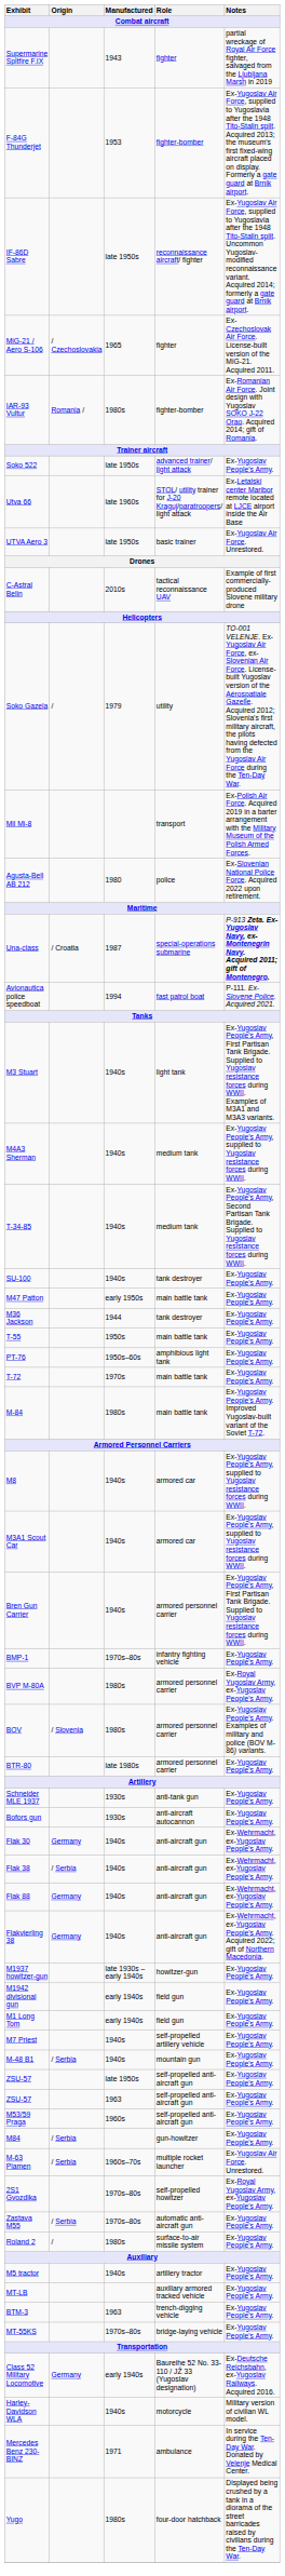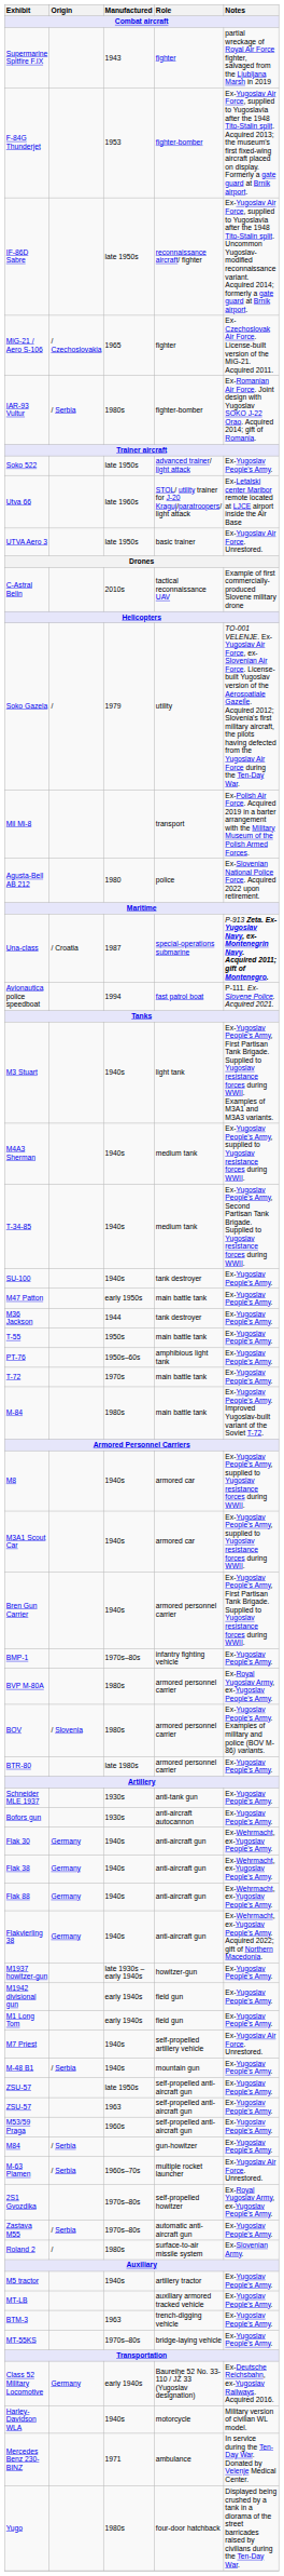 <table class="wikitable">
 <tr>
 <th style="text-align:left;">Exhibit</th>
 <th style="text-align:left;">Origin</th>
 <th style="text-align:left;">Manufactured</th>
 <th style="text-align:left;">Role</th>
 <th style="text-align:left;">Notes</th>
 </tr>
 <tr>
 <th colspan="15" style="align: center; background: lavender;"><strong><a href='#'>Combat aircraft</a></strong></th>
 </tr>
 <tr>
 <td><a href='#'>Supermarine Spitfire F.IX</a></td>
 <td></td>
 <td>1943</td>
 <td><a href='#'>fighter</a></td>
 <td>partial wreckage of <a href='#'>Royal Air Force</a> fighter, salvaged from the <a href='#'>Ljubljana Marsh</a> in 2019</td>
 </tr>
 <tr>
 <td><a href='#'>F-84G Thunderjet</a></td>
 <td></td>
 <td>1953</td>
 <td><a href='#'>fighter-bomber</a></td>
 <td>Ex-<a href='#'>Yugoslav Air Force</a>, supplied to Yugoslavia after the 1948 <a href='#'>Tito-Stalin split</a>. Acquired 2013; the museum's first fixed-wing aircraft placed on display. Formerly a <a href='#'>gate guard</a> at <a href='#'>Brnik airport</a>.</td>
 </tr>
 <tr>
 <td><a href='#'>IF-86D Sabre</a></td>
 <td></td>
 <td>late 1950s</td>
 <td><a href='#'>reconnaissance aircraft</a>/ fighter</td>
 <td>Ex-<a href='#'>Yugoslav Air Force</a>, supplied to Yugoslavia after the 1948 <a href='#'>Tito-Stalin split</a>. Uncommon Yugoslav-modified reconnaissance variant. Acquired 2014; formerly a <a href='#'>gate guard</a> at <a href='#'>Brnik airport</a>.</td>
 </tr>
 <tr>
 <td><a href='#'>MiG-21 / Aero S-106</a></td>
 <td> /  <a href='#'>Czechoslovakia</a></td>
 <td>1965</td>
 <td>fighter</td>
 <td>Ex-<a href='#'>Czechoslovak Air Force</a>. License-built version of the MiG-21. Acquired 2011.</td>
 </tr>
 <tr>
 <td><a href='#'>IAR-93 Vultur</a></td>
-<td> <a href='#'>Romania</a> / </td>
+<td> /  <a href='#'>Serbia</a></td>
 <td>1980s</td>
 <td>fighter-bomber</td>
 <td>Ex-<a href='#'>Romanian Air Force</a>. Joint design with Yugoslav <a href='#'>SOKO J-22 Orao</a>. Acquired 2014; gift of <a href='#'>Romania</a>.</td>
 </tr>
 <tr>
 <th colspan="5" style="align: center; background: lavender;"><strong><a href='#'>Trainer aircraft</a></strong></th>
 </tr>
 <tr>
 <td><a href='#'>Soko 522</a></td>
 <td></td>
 <td>late 1950s</td>
 <td><a href='#'>advanced trainer</a>/ <a href='#'>light attack</a></td>
 <td>Ex-<a href='#'>Yugoslav People's Army</a>.</td>
 </tr>
 <tr>
 <td><a href='#'>Utva 66</a></td>
 <td></td>
 <td>late 1960s</td>
 <td><a href='#'>STOL</a>/ <a href='#'>utility</a> trainer for <a href='#'>J-20 Kraguj</a>/<a href='#'>paratroopers</a>/ light attack</td>
 <td>Ex-<a href='#'>Letalski center Maribor</a> remote located at <a href='#'>LJCE</a> airport inside the Air Base</td>
 </tr>
 <tr>
 <td><a href='#'>UTVA Aero 3</a></td>
 <td></td>
 <td>late 1950s</td>
 <td>basic trainer</td>
 <td>Ex-<a href='#'>Yugoslav Air Force</a>. Unrestored.</td>
 </tr>
 <tr>
 <th colspan="5">Drones</th>
 </tr>
 <tr>
 <td><a href='#'>C-Astral Belin</a></td>
 <td></td>
 <td>2010s</td>
 <td>tactical reconnaissance <a href='#'>UAV</a></td>
 <td>Example of first commercially-produced Slovene military drone</td>
 </tr>
 <tr>
 <th colspan="5" style="align: center; background: lavender;"><strong><a href='#'>Helicopters</a></strong></th>
 </tr>
 <tr>
 <td><a href='#'>Soko Gazela</a></td>
 <td> / </td>
 <td>1979</td>
 <td>utility</td>
 <td><em>TO-001 VELENJE</em>. Ex-<a href='#'>Yugoslav Air Force</a>, ex-<a href='#'>Slovenian Air Force</a>. License-built Yugoslav version of the <a href='#'>Aérospatiale Gazelle</a>. Acquired 2012; Slovenia's first military aircraft, the pilots having defected from the <a href='#'>Yugoslav Air Force</a> during the <a href='#'>Ten-Day War</a>.</td>
 </tr>
 <tr>
 <td><a href='#'>Mil Mi-8</a></td>
 <td></td>
 <td></td>
 <td>transport</td>
 <td>Ex-<a href='#'>Polish Air Force</a>. Acquired 2019 in a barter arrangement with the <a href='#'>Military Museum of the Polish Armed Forces</a>.</td>
 </tr>
 <tr>
 <td><a href='#'>Agusta-Bell AB 212</a></td>
 <td></td>
 <td>1980</td>
 <td>police</td>
 <td>Ex-<a href='#'>Slovenian National Police Force</a>. Acquired 2022 upon retirement.</td>
 </tr>
 <tr>
 <th colspan="5" style="align: center; background: lavender;"><strong><a href='#'>Maritime</a></strong></th>
 </tr>
 <tr>
 <td><a href='#'>Una-class</a></td>
 <td> /  Croatia</td>
 <td>1987</td>
 <td><a href='#'>special-operations submarine</a></td>
 <td><em>P-913 <strong>Zeta<strong><em>. Ex-<a href='#'>Yugoslav Navy</a>, ex-<a href='#'>Montenegrin Navy</a>. Acquired 2011; gift of <a href='#'>Montenegro</a>.</td>
 </tr>
 <tr>
 <td><a href='#'>Avionautica</a>  police speedboat</td>
 <td></td>
 <td>1994</td>
 <td><a href='#'>fast patrol boat</a></td>
 <td></em>P-111<em>. Ex-<a href='#'>Slovene Police</a>. Acquired 2021.</td>
 </tr>
 <tr>
 <th colspan="5" style="align: center; background: lavender;"></strong><a href='#'>Tanks</a><strong></th>
 </tr>
 <tr>
 <td><a href='#'>M3 Stuart</a></td>
 <td></td>
 <td>1940s</td>
 <td>light tank</td>
 <td>Ex-<a href='#'>Yugoslav People's Army</a>, First Partisan Tank Brigade. Supplied to <a href='#'>Yugoslav resistance forces</a> during <a href='#'>WWII</a>. Examples of M3A1 and M3A3 variants.</td>
 </tr>
 <tr>
 <td><a href='#'>M4A3 Sherman</a></td>
 <td></td>
 <td>1940s</td>
 <td>medium tank</td>
 <td>Ex-<a href='#'>Yugoslav People's Army</a>, supplied to <a href='#'>Yugoslav resistance forces</a> during <a href='#'>WWII</a>.</td>
 </tr>
 <tr>
 <td><a href='#'>T-34-85</a></td>
 <td></td>
 <td>1940s</td>
 <td>medium tank</td>
 <td>Ex-<a href='#'>Yugoslav People's Army</a>, Second Partisan Tank Brigade. Supplied to <a href='#'>Yugoslav resistance forces</a> during <a href='#'>WWII</a>.</td>
 </tr>
 <tr>
 <td><a href='#'>SU-100</a></td>
 <td></td>
 <td>1940s</td>
 <td>tank destroyer</td>
 <td>Ex-<a href='#'>Yugoslav People's Army</a>.</td>
 </tr>
 <tr>
 <td><a href='#'>M47 Patton</a></td>
 <td></td>
 <td>early 1950s</td>
 <td>main battle tank</td>
 <td>Ex-<a href='#'>Yugoslav People's Army</a>.</td>
 </tr>
 <tr>
 <td><a href='#'>M36 Jackson</a></td>
 <td></td>
 <td>1944</td>
 <td>tank destroyer</td>
 <td>Ex-<a href='#'>Yugoslav People's Army</a>.</td>
 </tr>
 <tr>
 <td><a href='#'>T-55</a></td>
 <td></td>
 <td>1950s</td>
 <td>main battle tank</td>
 <td>Ex-<a href='#'>Yugoslav People's Army</a>.</td>
 </tr>
 <tr>
 <td><a href='#'>PT-76</a></td>
 <td></td>
 <td>1950s–60s</td>
 <td>amphibious light tank</td>
 <td>Ex-<a href='#'>Yugoslav People's Army</a>.</td>
 </tr>
 <tr>
 <td><a href='#'>T-72</a></td>
 <td></td>
 <td>1970s</td>
 <td>main battle tank</td>
 <td>Ex-<a href='#'>Yugoslav People's Army</a>.</td>
 </tr>
 <tr>
 <td><a href='#'>M-84</a></td>
 <td></td>
 <td>1980s</td>
 <td>main battle tank</td>
 <td>Ex-<a href='#'>Yugoslav People's Army</a>. Improved Yugoslav-built variant of the Soviet <a href='#'>T-72</a>.</td>
 </tr>
 <tr>
 <th colspan="5" style="align: center; background: lavender;"></strong><a href='#'>Armored Personnel Carriers</a><strong></th>
 </tr>
 <tr>
 <td><a href='#'>M8</a></td>
 <td></td>
 <td>1940s</td>
 <td>armored car</td>
 <td>Ex-<a href='#'>Yugoslav People's Army</a>, supplied to <a href='#'>Yugoslav resistance forces</a> during <a href='#'>WWII</a>.</td>
 </tr>
 <tr>
 <td><a href='#'>M3A1 Scout Car</a></td>
 <td></td>
 <td>1940s</td>
 <td>armored car</td>
 <td>Ex-<a href='#'>Yugoslav People's Army</a>, supplied to <a href='#'>Yugoslav resistance forces</a> during <a href='#'>WWII</a>.</td>
 </tr>
 <tr>
 <td><a href='#'>Bren Gun Carrier</a></td>
 <td></td>
 <td>1940s</td>
 <td>armored personnel carrier</td>
 <td>Ex-<a href='#'>Yugoslav People's Army</a>, First Partisan Tank Brigade. Supplied to <a href='#'>Yugoslav resistance forces</a> during <a href='#'>WWII</a>.</td>
 </tr>
 <tr>
 <td><a href='#'>BMP-1</a></td>
 <td></td>
 <td>1970s–80s</td>
 <td>infantry fighting vehicle</td>
 <td>Ex-<a href='#'>Yugoslav People's Army</a>.</td>
 </tr>
 <tr>
 <td><a href='#'>BVP M-80A</a></td>
 <td></td>
 <td>1980s</td>
 <td>armored personnel carrier</td>
 <td>Ex-<a href='#'>Royal Yugoslav Army</a>, ex-<a href='#'>Yugoslav People's Army</a>.</td>
 </tr>
 <tr>
 <td><a href='#'>BOV</a></td>
 <td> /  <a href='#'>Slovenia</a></td>
 <td>1980s</td>
 <td>armored personnel carrier</td>
 <td>Ex-<a href='#'>Yugoslav People's Army</a>. Examples of military and police (</em>BOV M-86<em>) variants.</td>
 </tr>
 <tr>
 <td><a href='#'>BTR-80</a></td>
 <td></td>
 <td>late 1980s</td>
 <td>armored personnel carrier</td>
 <td>Ex-<a href='#'>Yugoslav People's Army</a>.</td>
 </tr>
 <tr>
 <th colspan="5" style="align: center; background: lavender;"></strong><a href='#'>Artillery</a><strong></th>
 </tr>
 <tr>
 <td><a href='#'>Schneider MLE 1937</a></td>
 <td></td>
 <td>1930s</td>
 <td>anti-tank gun</td>
 <td>Ex-<a href='#'>Yugoslav People's Army</a>.</td>
 </tr>
 <tr>
 <td><a href='#'>Bofors gun</a></td>
 <td>  </td>
 <td>1930s</td>
 <td>anti-aircraft autocannon</td>
 <td>Ex-<a href='#'>Yugoslav People's Army</a>.</td>
 </tr>
 <tr>
 <td><a href='#'>Flak 30</a></td>
 <td> <a href='#'>Germany</a></td>
 <td>1940s</td>
 <td>anti-aircraft gun</td>
 <td>Ex-<a href='#'>Wehrmacht</a>, ex-<a href='#'>Yugoslav People's Army</a>.</td>
 </tr>
 <tr>
 <td><a href='#'>Flak 38</a></td>
-<td> /  <a href='#'>Serbia</a></td>
+<td> <a href='#'>Germany</a></td>
 <td>1940s</td>
 <td>anti-aircraft gun</td>
 <td>Ex-<a href='#'>Wehrmacht</a>, ex-<a href='#'>Yugoslav People's Army</a>.</td>
 </tr>
 <tr>
 <td><a href='#'>Flak 88</a></td>
 <td> <a href='#'>Germany</a></td>
 <td>1940s</td>
 <td>anti-aircraft gun</td>
 <td>Ex-<a href='#'>Wehrmacht</a>, ex-<a href='#'>Yugoslav People's Army</a>.</td>
 </tr>
 <tr>
 <td><a href='#'>Flakvierling 38</a></td>
 <td> <a href='#'>Germany</a></td>
 <td>1940s</td>
 <td>anti-aircraft gun</td>
 <td>Ex-<a href='#'>Wehrmacht</a>, ex-<a href='#'>Yugoslav People's Army</a>. Acquired 2022; gift of <a href='#'>Northern Macedonia</a>.</td>
 </tr>
 <tr>
 <td><a href='#'>M1937 howitzer-gun</a></td>
 <td></td>
 <td>late 1930s – early 1940s</td>
 <td>howitzer-gun</td>
 <td>Ex-<a href='#'>Yugoslav People's Army</a>.</td>
 </tr>
 <tr>
 <td><a href='#'>M1942 divisional gun</a></td>
 <td></td>
 <td>early 1940s</td>
 <td>field gun</td>
 <td>Ex-<a href='#'>Yugoslav People's Army</a>.</td>
 </tr>
 <tr>
 <td><a href='#'>M1 Long Tom</a></td>
 <td></td>
 <td>early 1940s</td>
 <td>field gun</td>
 <td>Ex-<a href='#'>Yugoslav People's Army</a>.</td>
 </tr>
 <tr>
 <td><a href='#'>M7 Priest</a></td>
 <td></td>
 <td>1940s</td>
 <td>self-propelled artillery vehicle</td>
-<td>Ex-<a href='#'>Yugoslav People's Army</a>.</td>
+<td>Ex-<a href='#'>Yugoslav Air Force</a>. Unrestored.</td>
 </tr>
 <tr>
 <td><a href='#'>M-48 B1</a></td>
 <td> /  <a href='#'>Serbia</a></td>
 <td>1940s</td>
 <td>mountain gun</td>
 <td>Ex-<a href='#'>Yugoslav People's Army</a>.</td>
 </tr>
 <tr>
 <td><a href='#'>ZSU-57</a></td>
 <td></td>
 <td>late 1950s</td>
 <td>self-propelled anti-aircraft gun</td>
 <td>Ex-<a href='#'>Yugoslav People's Army</a>.</td>
 </tr>
 <tr>
 <td><a href='#'>ZSU-57</a></td>
 <td></td>
 <td>1963</td>
 <td>self-propelled anti-aircraft gun</td>
 <td>Ex-<a href='#'>Yugoslav People's Army</a>.</td>
 </tr>
 <tr>
 <td><a href='#'>M53/59 Praga</a></td>
 <td></td>
 <td>1960s</td>
 <td>self-propelled anti-aircraft gun</td>
 <td>Ex-<a href='#'>Yugoslav People's Army</a>.</td>
 </tr>
 <tr>
 <td><a href='#'>M84</a></td>
 <td> /  <a href='#'>Serbia</a></td>
 <td></td>
 <td>gun-howitzer</td>
 <td>Ex-<a href='#'>Yugoslav People's Army</a>.</td>
 </tr>
 <tr>
 <td><a href='#'>M-63 Plamen</a></td>
 <td> /  <a href='#'>Serbia</a></td>
 <td>1960s–70s</td>
 <td>multiple rocket launcher</td>
 <td>Ex-<a href='#'>Yugoslav Air Force</a>. Unrestored.</td>
 </tr>
 <tr>
 <td><a href='#'>2S1 Gvozdika</a></td>
 <td></td>
 <td>1970s–80s</td>
 <td>self-propelled howitzer</td>
 <td>Ex-<a href='#'>Royal Yugoslav Army</a>, ex-<a href='#'>Yugoslav People's Army</a>.</td>
 </tr>
 <tr>
 <td><a href='#'>Zastava M55</a></td>
 <td> /  <a href='#'>Serbia</a></td>
 <td>1970s–80s</td>
 <td>automatic anti-aircraft gun</td>
 <td>Ex-<a href='#'>Yugoslav People's Army</a>.</td>
 </tr>
 <tr>
 <td><a href='#'>Roland 2</a></td>
 <td> / </td>
 <td>1980s</td>
 <td>surface-to-air missile system</td>
-<td>Ex-<a href='#'>Yugoslav People's Army</a>.</td>
+<td>Ex-<a href='#'>Slovenian Army</a>.</td>
 </tr>
 <tr>
 <th colspan="5" style="align: center; background: lavender;"></strong><a href='#'>Auxiliary</a><strong></th>
 </tr>
 <tr>
 <td><a href='#'>M5 tractor</a></td>
 <td></td>
 <td>1940s</td>
 <td>artillery tractor</td>
 <td>Ex-<a href='#'>Yugoslav People's Army</a>.</td>
 </tr>
 <tr>
 <td><a href='#'>MT-LB</a></td>
 <td></td>
 <td></td>
 <td>auxiliary armored tracked vehicle</td>
 <td>Ex-<a href='#'>Yugoslav People's Army</a>.</td>
 </tr>
 <tr>
 <td><a href='#'>BTM-3</a></td>
 <td></td>
 <td>1963</td>
 <td>trench-digging vehicle</td>
 <td>Ex-<a href='#'>Yugoslav People's Army</a>.</td>
 </tr>
 <tr>
 <td><a href='#'>MT-55KS</a></td>
 <td></td>
 <td>1970s–80s</td>
 <td>bridge-laying vehicle</td>
 <td>Ex-<a href='#'>Yugoslav People's Army</a>.</td>
 </tr>
 <tr>
 <th colspan="5" style="align: center; background: lavender;"></strong><a href='#'>Transportation</a><strong></th>
 </tr>
 <tr>
 <td><a href='#'>Class 52 Military Locomotive</a></td>
 <td> <a href='#'>Germany</a></td>
 <td>early 1940s</td>
 <td>Baureihe 52 No. 33-110 / JŽ 33 (Yugoslav designation)</td>
 <td>Ex-<a href='#'>Deutsche Reichsbahn</a>, ex-<a href='#'>Yugoslav Railways</a>. Acquired 2016.</td>
 </tr>
 <tr>
 <td><a href='#'>Harley-Davidson WLA</a></td>
 <td></td>
 <td>1940s</td>
 <td>motorcycle</td>
 <td>Military version of civilian WL model.</td>
 </tr>
 <tr>
 <td><a href='#'>Mercedes Benz 230-BINZ</a></td>
 <td></td>
 <td>1971</td>
 <td>ambulance</td>
 <td>In service during the <a href='#'>Ten-Day War</a>. Donated by <a href='#'>Velenje</a> Medical Center.</td>
 </tr>
 <tr>
 <td><a href='#'>Yugo</a></td>
 <td></td>
 <td>1980s</td>
 <td>four-door hatchback</td>
 <td>Displayed being crushed by a tank in a diorama of the street barricades raised by civilians during the <a href='#'>Ten-Day War</a>.</td>
 </tr>
 <tr>
 </tr>
 </table>
